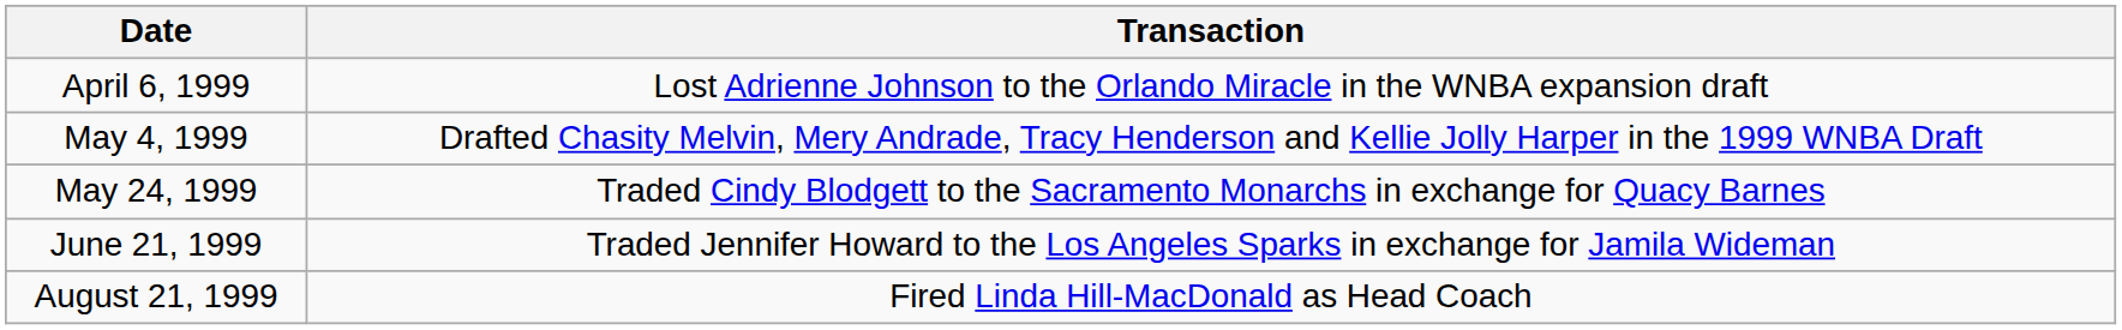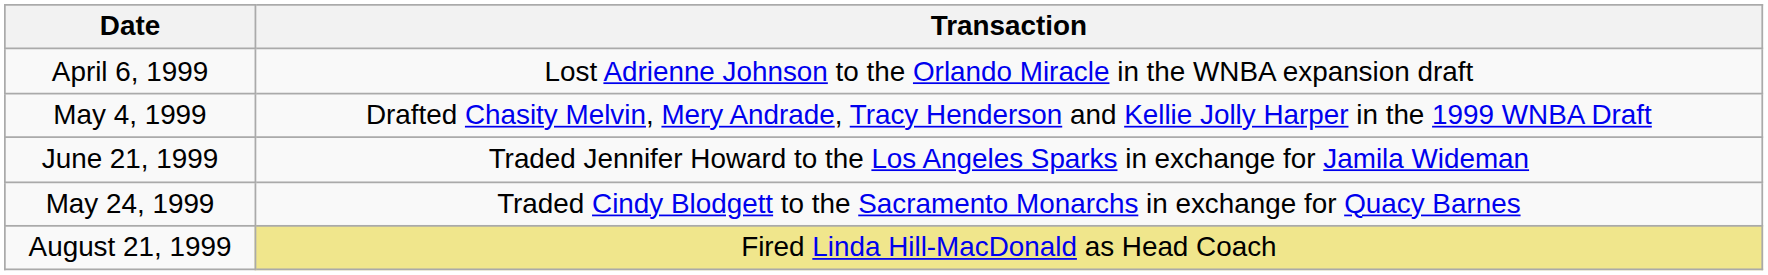 <table class="wikitable" style="width:80%; text-align: center;">
 <tr>
 <th>Date</th>
 <th>Transaction</th>
 </tr>
 <tr>
 <td>April 6, 1999</td>
 <td>Lost <a href='#'>Adrienne Johnson</a> to the <a href='#'>Orlando Miracle</a> in the WNBA expansion draft</td>
 </tr>
 <tr>
 <td>May 4, 1999</td>
 <td>Drafted <a href='#'>Chasity Melvin</a>, <a href='#'>Mery Andrade</a>, <a href='#'>Tracy Henderson</a> and <a href='#'>Kellie Jolly Harper</a> in the <a href='#'>1999 WNBA Draft</a></td>
 </tr>
 <tr>
+<td>June 21, 1999</td>
+<td>Traded Jennifer Howard to the <a href='#'>Los Angeles Sparks</a> in exchange for <a href='#'>Jamila Wideman</a></td>
+</tr>
+<tr>
 <td>May 24, 1999</td>
 <td>Traded <a href='#'>Cindy Blodgett</a> to the <a href='#'>Sacramento Monarchs</a> in exchange for <a href='#'>Quacy Barnes</a></td>
 </tr>
 <tr>
-<td>June 21, 1999</td>
-<td>Traded Jennifer Howard to the <a href='#'>Los Angeles Sparks</a> in exchange for <a href='#'>Jamila Wideman</a></td>
-</tr>
-<tr>
 <td>August 21, 1999</td>
-<td>Fired <a href='#'>Linda Hill-MacDonald</a> as Head Coach</td>
+<td style="background: khaki;">Fired <a href='#'>Linda Hill-MacDonald</a> as Head Coach</td>
 </tr>
 </table>
